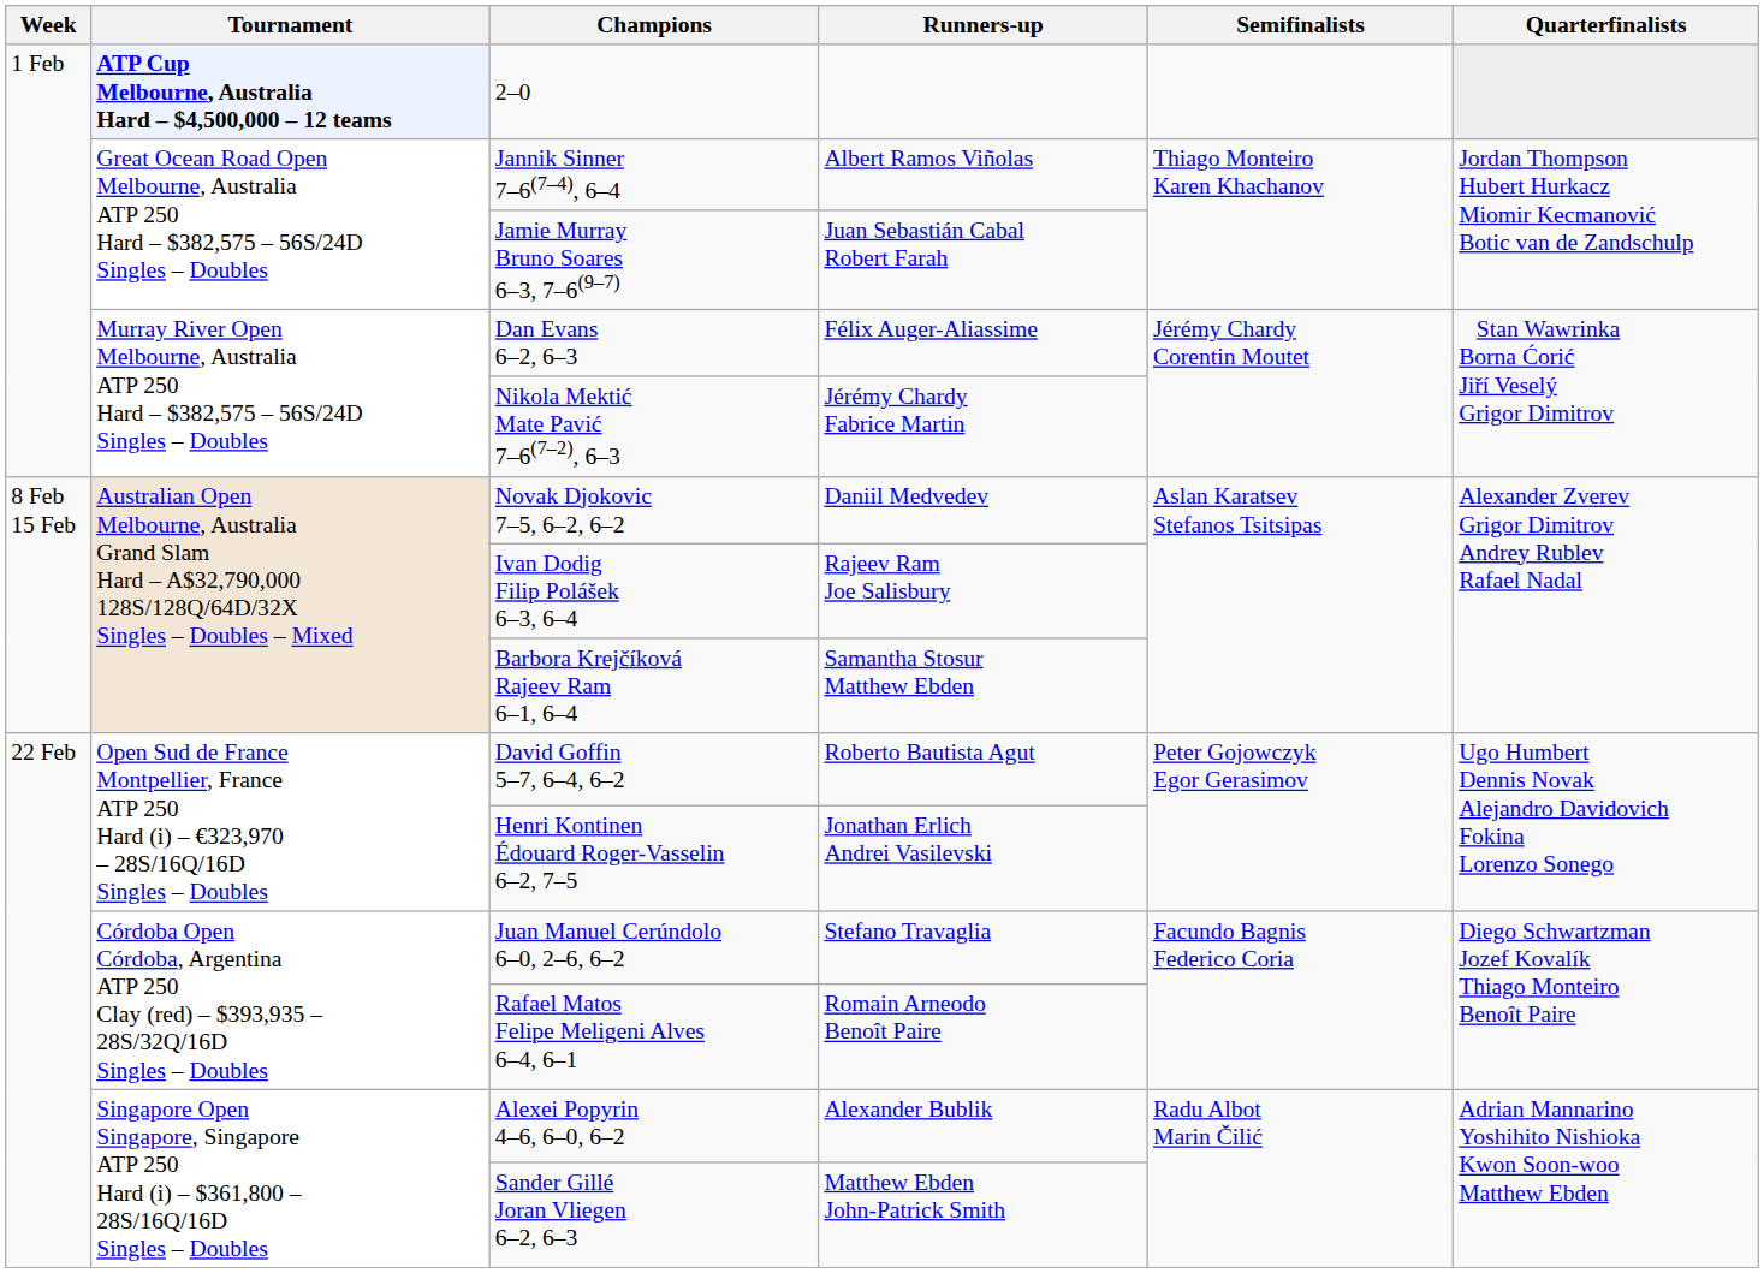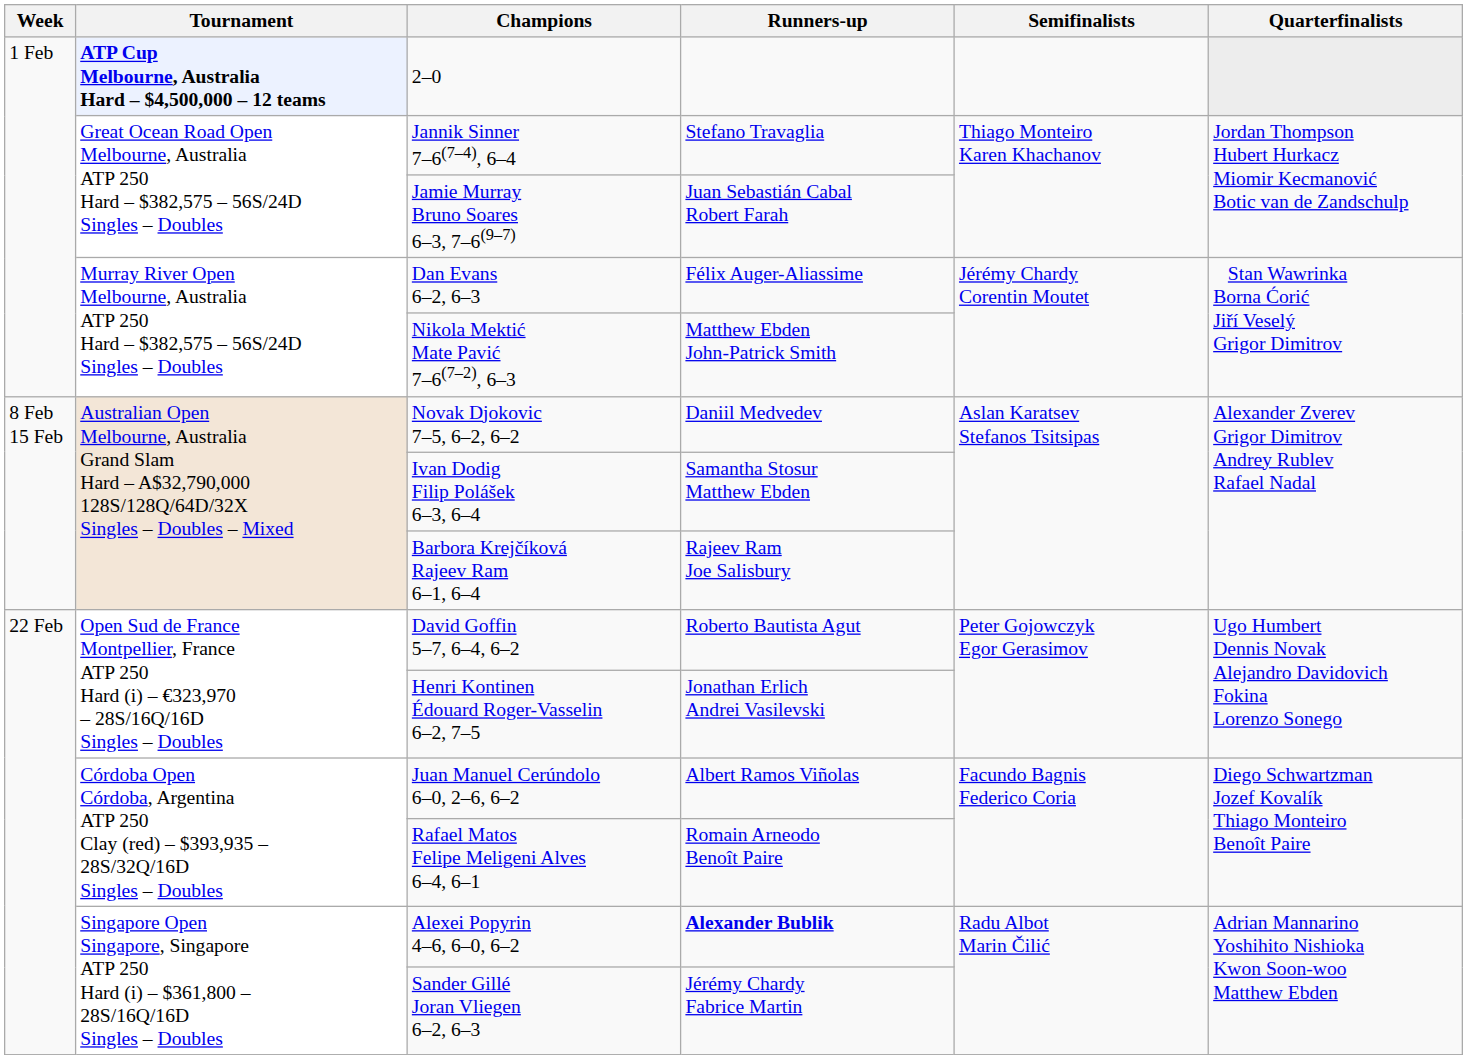 <table class=wikitable style=font-size:95%>
 <tr>
 <th style="width:48px;">Week</th>
 <th style="width:250px;">Tournament</th>
 <th style="width:205px;">Champions</th>
 <th style="width:205px;">Runners-up</th>
 <th style="width:190px;">Semifinalists</th>
 <th style="width:190px;">Quarterfinalists</th>
 </tr>
 <tr valign=top>
 <td rowspan=5>1 Feb</td>
 <td style="background:#ECF2FF;"><strong><a href='#'>ATP Cup</a> <br> <a href='#'>Melbourne</a>, Australia <br> Hard – $4,500,000 – 12 teams</strong></td>
 <td><br>2–0</td>
 <td></td>
 <td> <br> </td>
 <td bgcolor=ededed></td>
 </tr>
 <tr valign=top>
 <td style="background:#fff;" rowspan=2><a href='#'>Great Ocean Road Open</a> <br> <a href='#'>Melbourne</a>, Australia <br> ATP 250 <br> Hard – $382,575 – 56S/24D <br><a href='#'>Singles</a> – <a href='#'>Doubles</a></td>
 <td> <a href='#'>Jannik Sinner</a> <br> 7–6<sup>(7–4)</sup>, 6–4</td>
-<td> <a href='#'>Albert Ramos Viñolas</a></td>
+<td> <a href='#'>Stefano Travaglia</a></td>
 <td rowspan=2> <a href='#'>Thiago Monteiro</a><br>  <a href='#'>Karen Khachanov</a></td>
 <td rowspan=2> <a href='#'>Jordan Thompson</a> <br>  <a href='#'>Hubert Hurkacz</a> <br>  <a href='#'>Miomir Kecmanović</a> <br>  <a href='#'>Botic van de Zandschulp</a></td>
 </tr>
 <tr valign=top>
 <td> <a href='#'>Jamie Murray</a> <br>  <a href='#'>Bruno Soares</a> <br> 6–3, 7–6<sup>(9–7)</sup></td>
 <td> <a href='#'>Juan Sebastián Cabal</a> <br>  <a href='#'>Robert Farah</a></td>
 </tr>
 <tr valign=top>
 <td style="background:#fff;" rowspan=2><a href='#'>Murray River Open</a><br> <a href='#'>Melbourne</a>, Australia <br> ATP 250 <br> Hard – $382,575 – 56S/24D <br><a href='#'>Singles</a> – <a href='#'>Doubles</a></td>
 <td> <a href='#'>Dan Evans</a> <br> 6–2, 6–3</td>
 <td> <a href='#'>Félix Auger-Aliassime</a></td>
 <td rowspan=2> <a href='#'>Jérémy Chardy</a> <br>  <a href='#'>Corentin Moutet</a></td>
 <td rowspan=2>    <a href='#'>Stan Wawrinka</a> <br>  <a href='#'>Borna Ćorić</a> <br> <a href='#'>Jiří Veselý</a> <br>  <a href='#'>Grigor Dimitrov</a></td>
 </tr>
 <tr valign=top>
 <td> <a href='#'>Nikola Mektić</a> <br>  <a href='#'>Mate Pavić</a> <br> 7–6<sup>(7–2)</sup>, 6–3</td>
-<td> <a href='#'>Jérémy Chardy</a> <br>   <a href='#'>Fabrice Martin</a></td>
+<td> <a href='#'>Matthew Ebden</a> <br>  <a href='#'>John-Patrick Smith</a></td>
 </tr>
 <tr valign=top>
 <td rowspan=3>8 Feb<br>15 Feb</td>
 <td style="background:#F3E6D7;" rowspan=3><a href='#'>Australian Open</a><br> <a href='#'>Melbourne</a>, Australia <br> Grand Slam <br>Hard – A$32,790,000 <br>128S/128Q/64D/32X<br><a href='#'>Singles</a> – <a href='#'>Doubles</a> – <a href='#'>Mixed</a></td>
 <td> <a href='#'>Novak Djokovic</a><br> 7–5, 6–2, 6–2</td>
 <td> <a href='#'>Daniil Medvedev</a></td>
 <td rowspan=3> <a href='#'>Aslan Karatsev</a> <br> <a href='#'>Stefanos Tsitsipas</a></td>
 <td rowspan=3> <a href='#'>Alexander Zverev</a><br>  <a href='#'>Grigor Dimitrov</a> <br>  <a href='#'>Andrey Rublev</a><br> <a href='#'>Rafael Nadal</a></td>
 </tr>
 <tr valign=top>
 <td> <a href='#'>Ivan Dodig</a> <br>  <a href='#'>Filip Polášek</a> <br> 6–3, 6–4</td>
-<td> <a href='#'>Rajeev Ram</a> <br>  <a href='#'>Joe Salisbury</a></td>
+<td> <a href='#'>Samantha Stosur</a> <br>  <a href='#'>Matthew Ebden</a></td>
 </tr>
 <tr valign=top>
 <td> <a href='#'>Barbora Krejčíková</a> <br>  <a href='#'>Rajeev Ram</a> <br> 6–1, 6–4</td>
-<td> <a href='#'>Samantha Stosur</a> <br>  <a href='#'>Matthew Ebden</a></td>
+<td> <a href='#'>Rajeev Ram</a> <br>  <a href='#'>Joe Salisbury</a></td>
 </tr>
 <tr valign=top>
 <td rowspan=6>22 Feb</td>
 <td style="background:#fff;" rowspan=2><a href='#'>Open Sud de France</a><br> <a href='#'>Montpellier</a>, France<br> ATP 250<br>Hard (i) – €323,970 <br> – 28S/16Q/16D <br><a href='#'>Singles</a> – <a href='#'>Doubles</a></td>
 <td> <a href='#'>David Goffin</a> <br> 5–7, 6–4, 6–2</td>
 <td> <a href='#'>Roberto Bautista Agut</a></td>
 <td rowspan=2> <a href='#'>Peter Gojowczyk</a> <br>  <a href='#'>Egor Gerasimov</a></td>
 <td rowspan=2> <a href='#'>Ugo Humbert</a> <br> <a href='#'>Dennis Novak</a> <br>  <a href='#'>Alejandro Davidovich <br>Fokina</a> <br>  <a href='#'>Lorenzo Sonego</a></td>
 </tr>
 <tr valign=top>
 <td> <a href='#'>Henri Kontinen</a> <br>  <a href='#'>Édouard Roger-Vasselin</a><br> 6–2, 7–5</td>
 <td> <a href='#'>Jonathan Erlich</a> <br>  <a href='#'>Andrei Vasilevski</a></td>
 </tr>
 <tr valign=top>
 <td style="background:#fff;" rowspan=2><a href='#'>Córdoba Open</a><br> <a href='#'>Córdoba</a>, Argentina <br> ATP 250 <br> Clay (red) – $393,935 – <br> 28S/32Q/16D <br><a href='#'>Singles</a> – <a href='#'>Doubles</a></td>
 <td> <a href='#'>Juan Manuel Cerúndolo</a><br> 6–0, 2–6, 6–2</td>
-<td> <a href='#'>Stefano Travaglia</a></td>
+<td> <a href='#'>Albert Ramos Viñolas</a></td>
 <td rowspan=2> <a href='#'>Facundo Bagnis</a> <br> <a href='#'>Federico Coria</a></td>
 <td rowspan=2> <a href='#'>Diego Schwartzman</a> <br>  <a href='#'>Jozef Kovalík</a><br>  <a href='#'>Thiago Monteiro</a> <br>  <a href='#'>Benoît Paire</a></td>
 </tr>
 <tr valign=top>
 <td> <a href='#'>Rafael Matos</a> <br>  <a href='#'>Felipe Meligeni Alves</a> <br> 6–4, 6–1</td>
 <td> <a href='#'>Romain Arneodo</a> <br>  <a href='#'>Benoît Paire</a></td>
 </tr>
 <tr valign=top>
 <td style="background:#fff;" rowspan=2><a href='#'>Singapore Open</a><br> <a href='#'>Singapore</a>, Singapore<br> ATP 250<br> Hard (i) – $361,800 –  <br> 28S/16Q/16D <br><a href='#'>Singles</a> – <a href='#'>Doubles</a></td>
 <td> <a href='#'>Alexei Popyrin</a> <br> 4–6, 6–0, 6–2</td>
-<td> <a href='#'>Alexander Bublik</a></td>
+<td><strong> <a href='#'>Alexander Bublik</a></strong></td>
 <td rowspan=2> <a href='#'>Radu Albot</a> <br>  <a href='#'>Marin Čilić</a></td>
 <td rowspan=2> <a href='#'>Adrian Mannarino</a> <br>  <a href='#'>Yoshihito Nishioka</a> <br> <a href='#'>Kwon Soon-woo</a> <br>  <a href='#'>Matthew Ebden</a></td>
 </tr>
 <tr valign=top>
 <td> <a href='#'>Sander Gillé</a> <br>  <a href='#'>Joran Vliegen</a> <br> 6–2, 6–3</td>
-<td> <a href='#'>Matthew Ebden</a> <br>  <a href='#'>John-Patrick Smith</a></td>
+<td> <a href='#'>Jérémy Chardy</a> <br>   <a href='#'>Fabrice Martin</a></td>
 </tr>
 </table>
